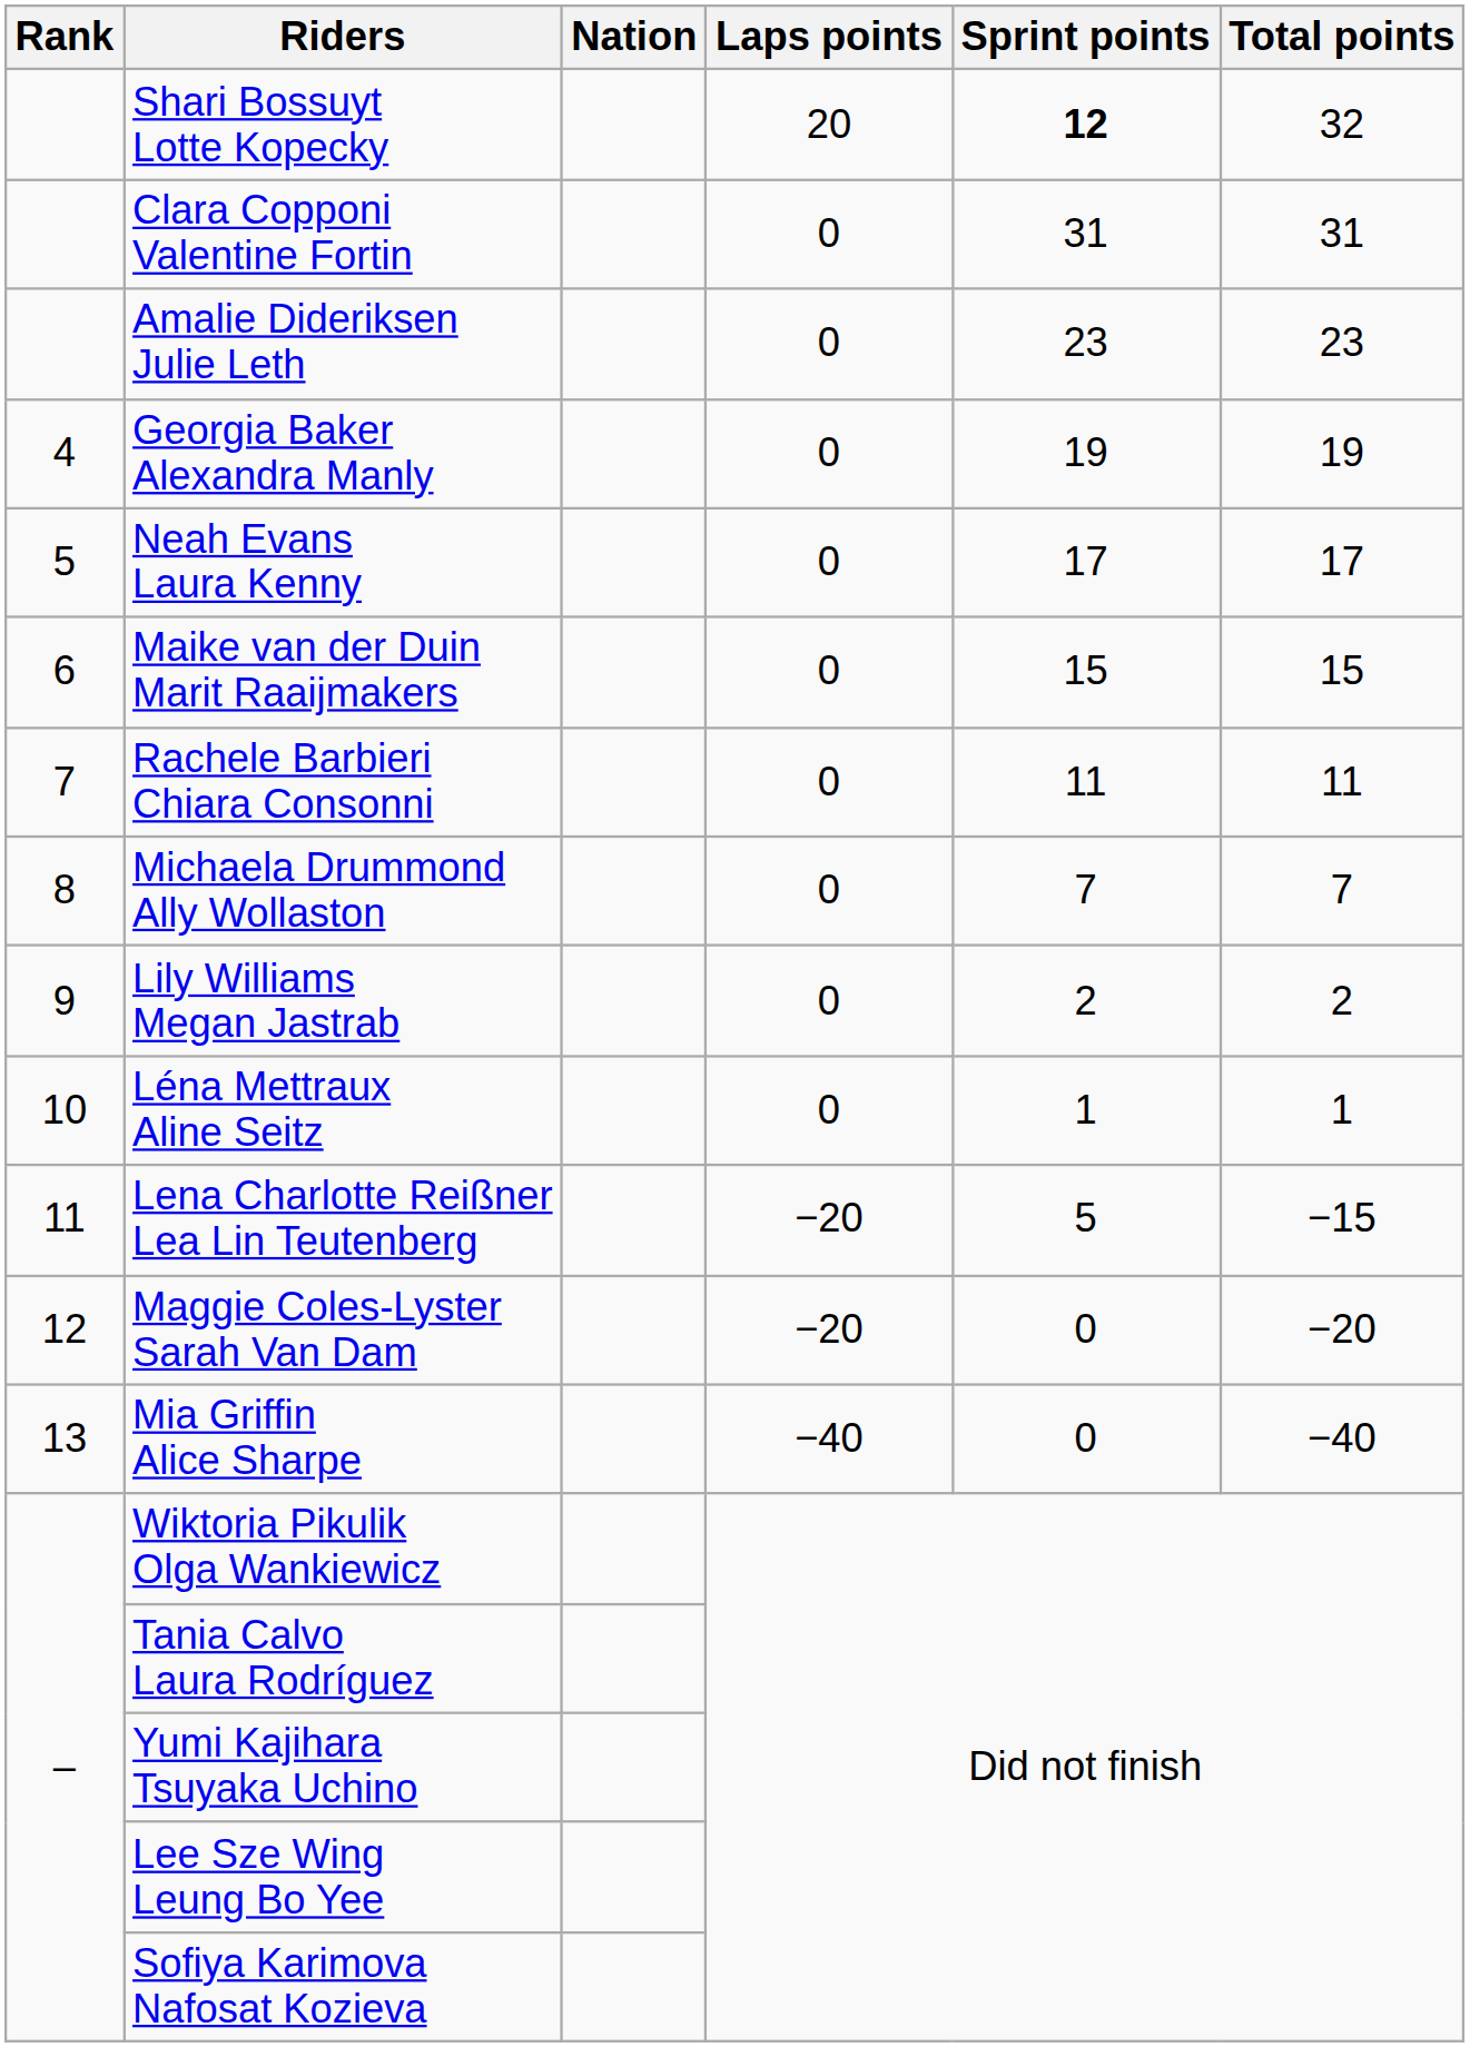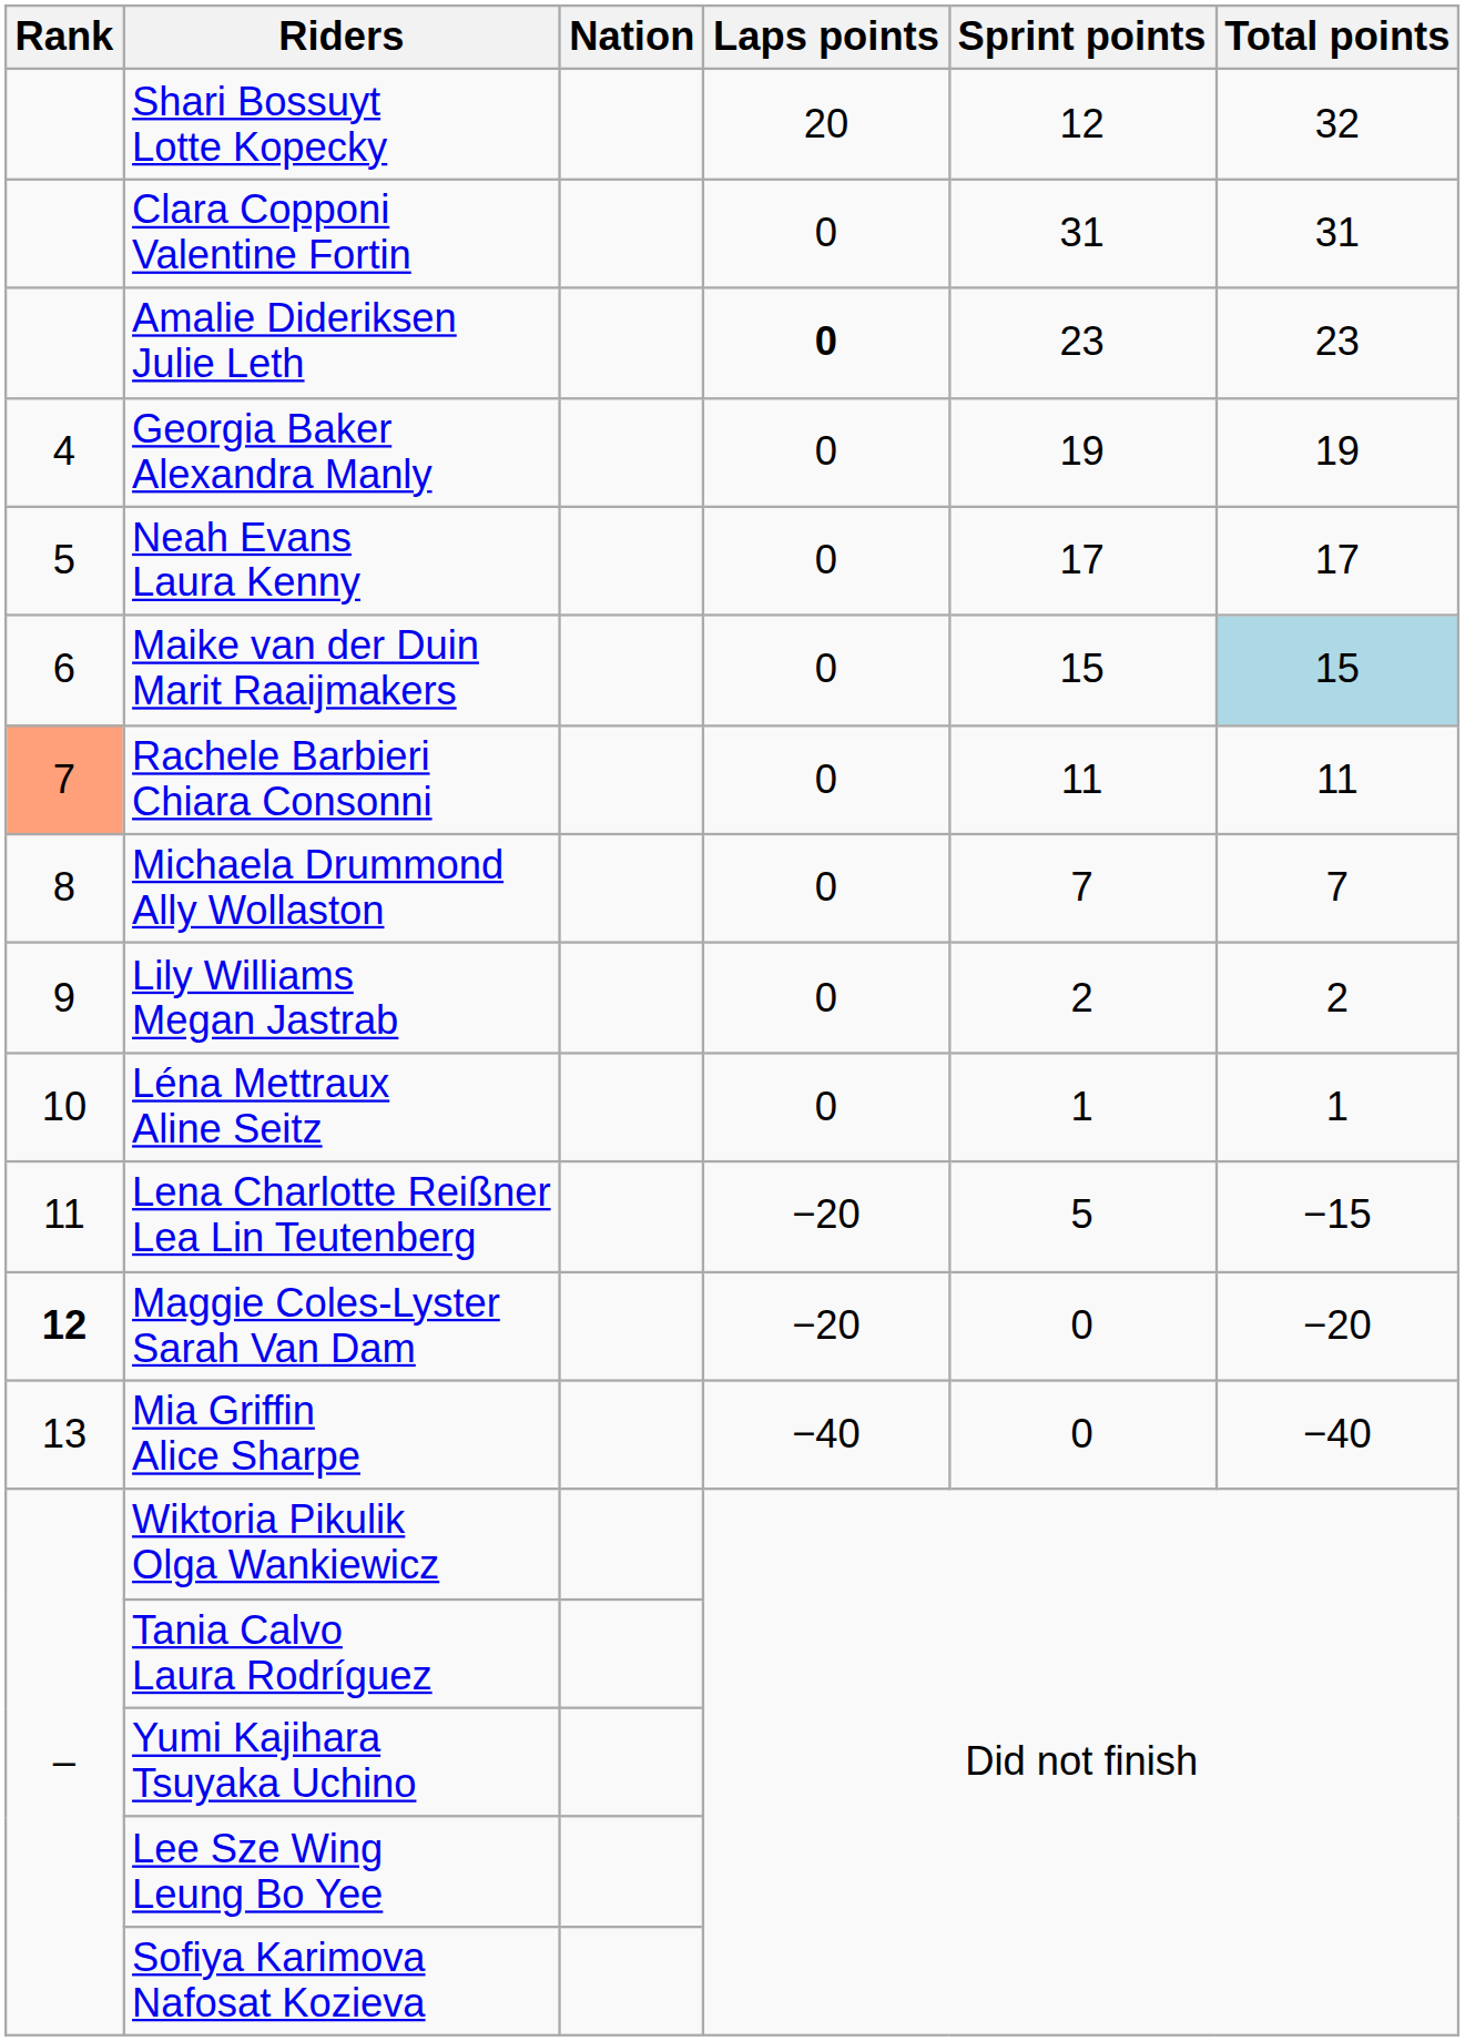 <table class="wikitable sortable" style="text-align:center">
 <tr>
 <th>Rank</th>
 <th>Riders</th>
 <th>Nation</th>
 <th>Laps points</th>
 <th>Sprint points</th>
 <th>Total points</th>
 </tr>
 <tr>
 <td></td>
 <td align=left><a href='#'>Shari Bossuyt</a><br><a href='#'>Lotte Kopecky</a></td>
 <td align=left></td>
 <td>20</td>
-<td><strong>12</strong></td>
+<td>12</td>
 <td>32</td>
 </tr>
 <tr>
 <td></td>
 <td align=left><a href='#'>Clara Copponi</a><br><a href='#'>Valentine Fortin</a></td>
 <td align=left></td>
 <td>0</td>
 <td>31</td>
 <td>31</td>
 </tr>
 <tr>
 <td></td>
 <td align=left><a href='#'>Amalie Dideriksen</a><br><a href='#'>Julie Leth</a></td>
 <td align=left></td>
-<td>0</td>
+<td><strong>0</strong></td>
 <td>23</td>
 <td>23</td>
 </tr>
 <tr>
 <td>4</td>
 <td align=left><a href='#'>Georgia Baker</a><br><a href='#'>Alexandra Manly</a></td>
 <td align=left></td>
 <td>0</td>
 <td>19</td>
 <td>19</td>
 </tr>
 <tr>
 <td>5</td>
 <td align=left><a href='#'>Neah Evans</a><br><a href='#'>Laura Kenny</a></td>
 <td align=left></td>
 <td>0</td>
 <td>17</td>
 <td>17</td>
 </tr>
 <tr>
 <td>6</td>
 <td align=left><a href='#'>Maike van der Duin</a><br><a href='#'>Marit Raaijmakers</a></td>
 <td align=left></td>
 <td>0</td>
 <td>15</td>
-<td>15</td>
+<td style="background: lightblue;">15</td>
 </tr>
 <tr>
-<td>7</td>
+<td style="background: lightsalmon;">7</td>
 <td align=left><a href='#'>Rachele Barbieri</a><br><a href='#'>Chiara Consonni</a></td>
 <td align=left></td>
 <td>0</td>
 <td>11</td>
 <td>11</td>
 </tr>
 <tr>
 <td>8</td>
 <td align=left><a href='#'>Michaela Drummond</a><br><a href='#'>Ally Wollaston</a></td>
 <td align=left></td>
 <td>0</td>
 <td>7</td>
 <td>7</td>
 </tr>
 <tr>
 <td>9</td>
 <td align=left><a href='#'>Lily Williams</a><br><a href='#'>Megan Jastrab</a></td>
 <td align=left></td>
 <td>0</td>
 <td>2</td>
 <td>2</td>
 </tr>
 <tr>
 <td>10</td>
 <td align=left><a href='#'>Léna Mettraux</a><br><a href='#'>Aline Seitz</a></td>
 <td align=left></td>
 <td>0</td>
 <td>1</td>
 <td>1</td>
 </tr>
 <tr>
 <td>11</td>
 <td align=left><a href='#'>Lena Charlotte Reißner</a><br><a href='#'>Lea Lin Teutenberg</a></td>
 <td align=left></td>
 <td>−20</td>
 <td>5</td>
 <td>−15</td>
 </tr>
 <tr>
-<td>12</td>
+<td><strong>12</strong></td>
 <td align=left><a href='#'>Maggie Coles-Lyster</a><br><a href='#'>Sarah Van Dam</a></td>
 <td align=left></td>
 <td>−20</td>
 <td>0</td>
 <td>−20</td>
 </tr>
 <tr>
 <td>13</td>
 <td align=left><a href='#'>Mia Griffin</a><br><a href='#'>Alice Sharpe</a></td>
 <td align=left></td>
 <td>−40</td>
 <td>0</td>
 <td>−40</td>
 </tr>
 <tr>
 <td rowspan=5>–</td>
 <td align=left><a href='#'>Wiktoria Pikulik</a><br><a href='#'>Olga Wankiewicz</a></td>
 <td align=left></td>
 <td colspan=3 rowspan=5>Did not finish</td>
 </tr>
 <tr>
 <td align=left><a href='#'>Tania Calvo</a><br><a href='#'>Laura Rodríguez</a></td>
 <td align=left></td>
 </tr>
 <tr>
 <td align=left><a href='#'>Yumi Kajihara</a><br><a href='#'>Tsuyaka Uchino</a></td>
 <td align=left></td>
 </tr>
 <tr>
 <td align=left><a href='#'>Lee Sze Wing</a><br><a href='#'>Leung Bo Yee</a></td>
 <td align=left></td>
 </tr>
 <tr>
 <td align=left><a href='#'>Sofiya Karimova</a><br><a href='#'>Nafosat Kozieva</a></td>
 <td align=left></td>
 </tr>
 </table>
